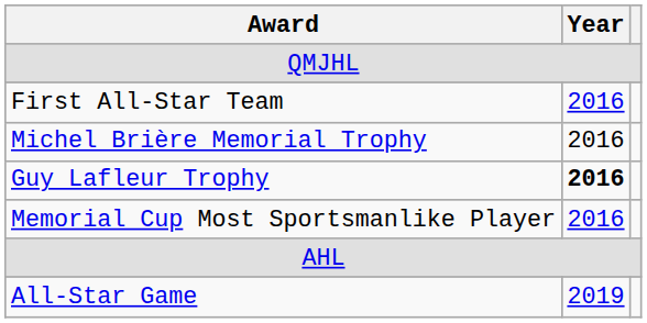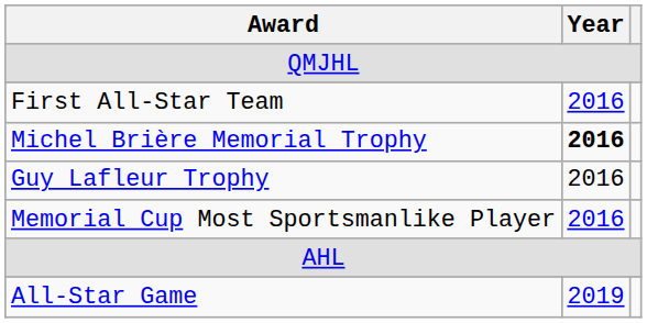 <table class="wikitable">
 <tr>
 <th>Award</th>
 <th>Year</th>
 <th></th>
 </tr>
 <tr ALIGN="center" bgcolor="#e0e0e0">
 <td colspan="3"><a href='#'>QMJHL</a></td>
 </tr>
 <tr>
 <td>First All-Star Team</td>
 <td><a href='#'>2016</a></td>
 <td></td>
 </tr>
 <tr>
 <td><a href='#'>Michel Brière Memorial Trophy</a></td>
-<td>2016</td>
+<td><strong>2016</strong></td>
 <td></td>
 </tr>
 <tr>
 <td><a href='#'>Guy Lafleur Trophy</a></td>
-<td><strong>2016</strong></td>
+<td>2016</td>
 <td></td>
 </tr>
 <tr>
 <td><a href='#'>Memorial Cup</a> Most Sportsmanlike Player</td>
 <td><a href='#'>2016</a></td>
 <td></td>
 </tr>
 <tr ALIGN="center" bgcolor="#e0e0e0">
 <td colspan="3"><a href='#'>AHL</a></td>
 </tr>
 <tr>
 <td><a href='#'>All-Star Game</a></td>
 <td><a href='#'>2019</a></td>
 <td></td>
 </tr>
 </table>
